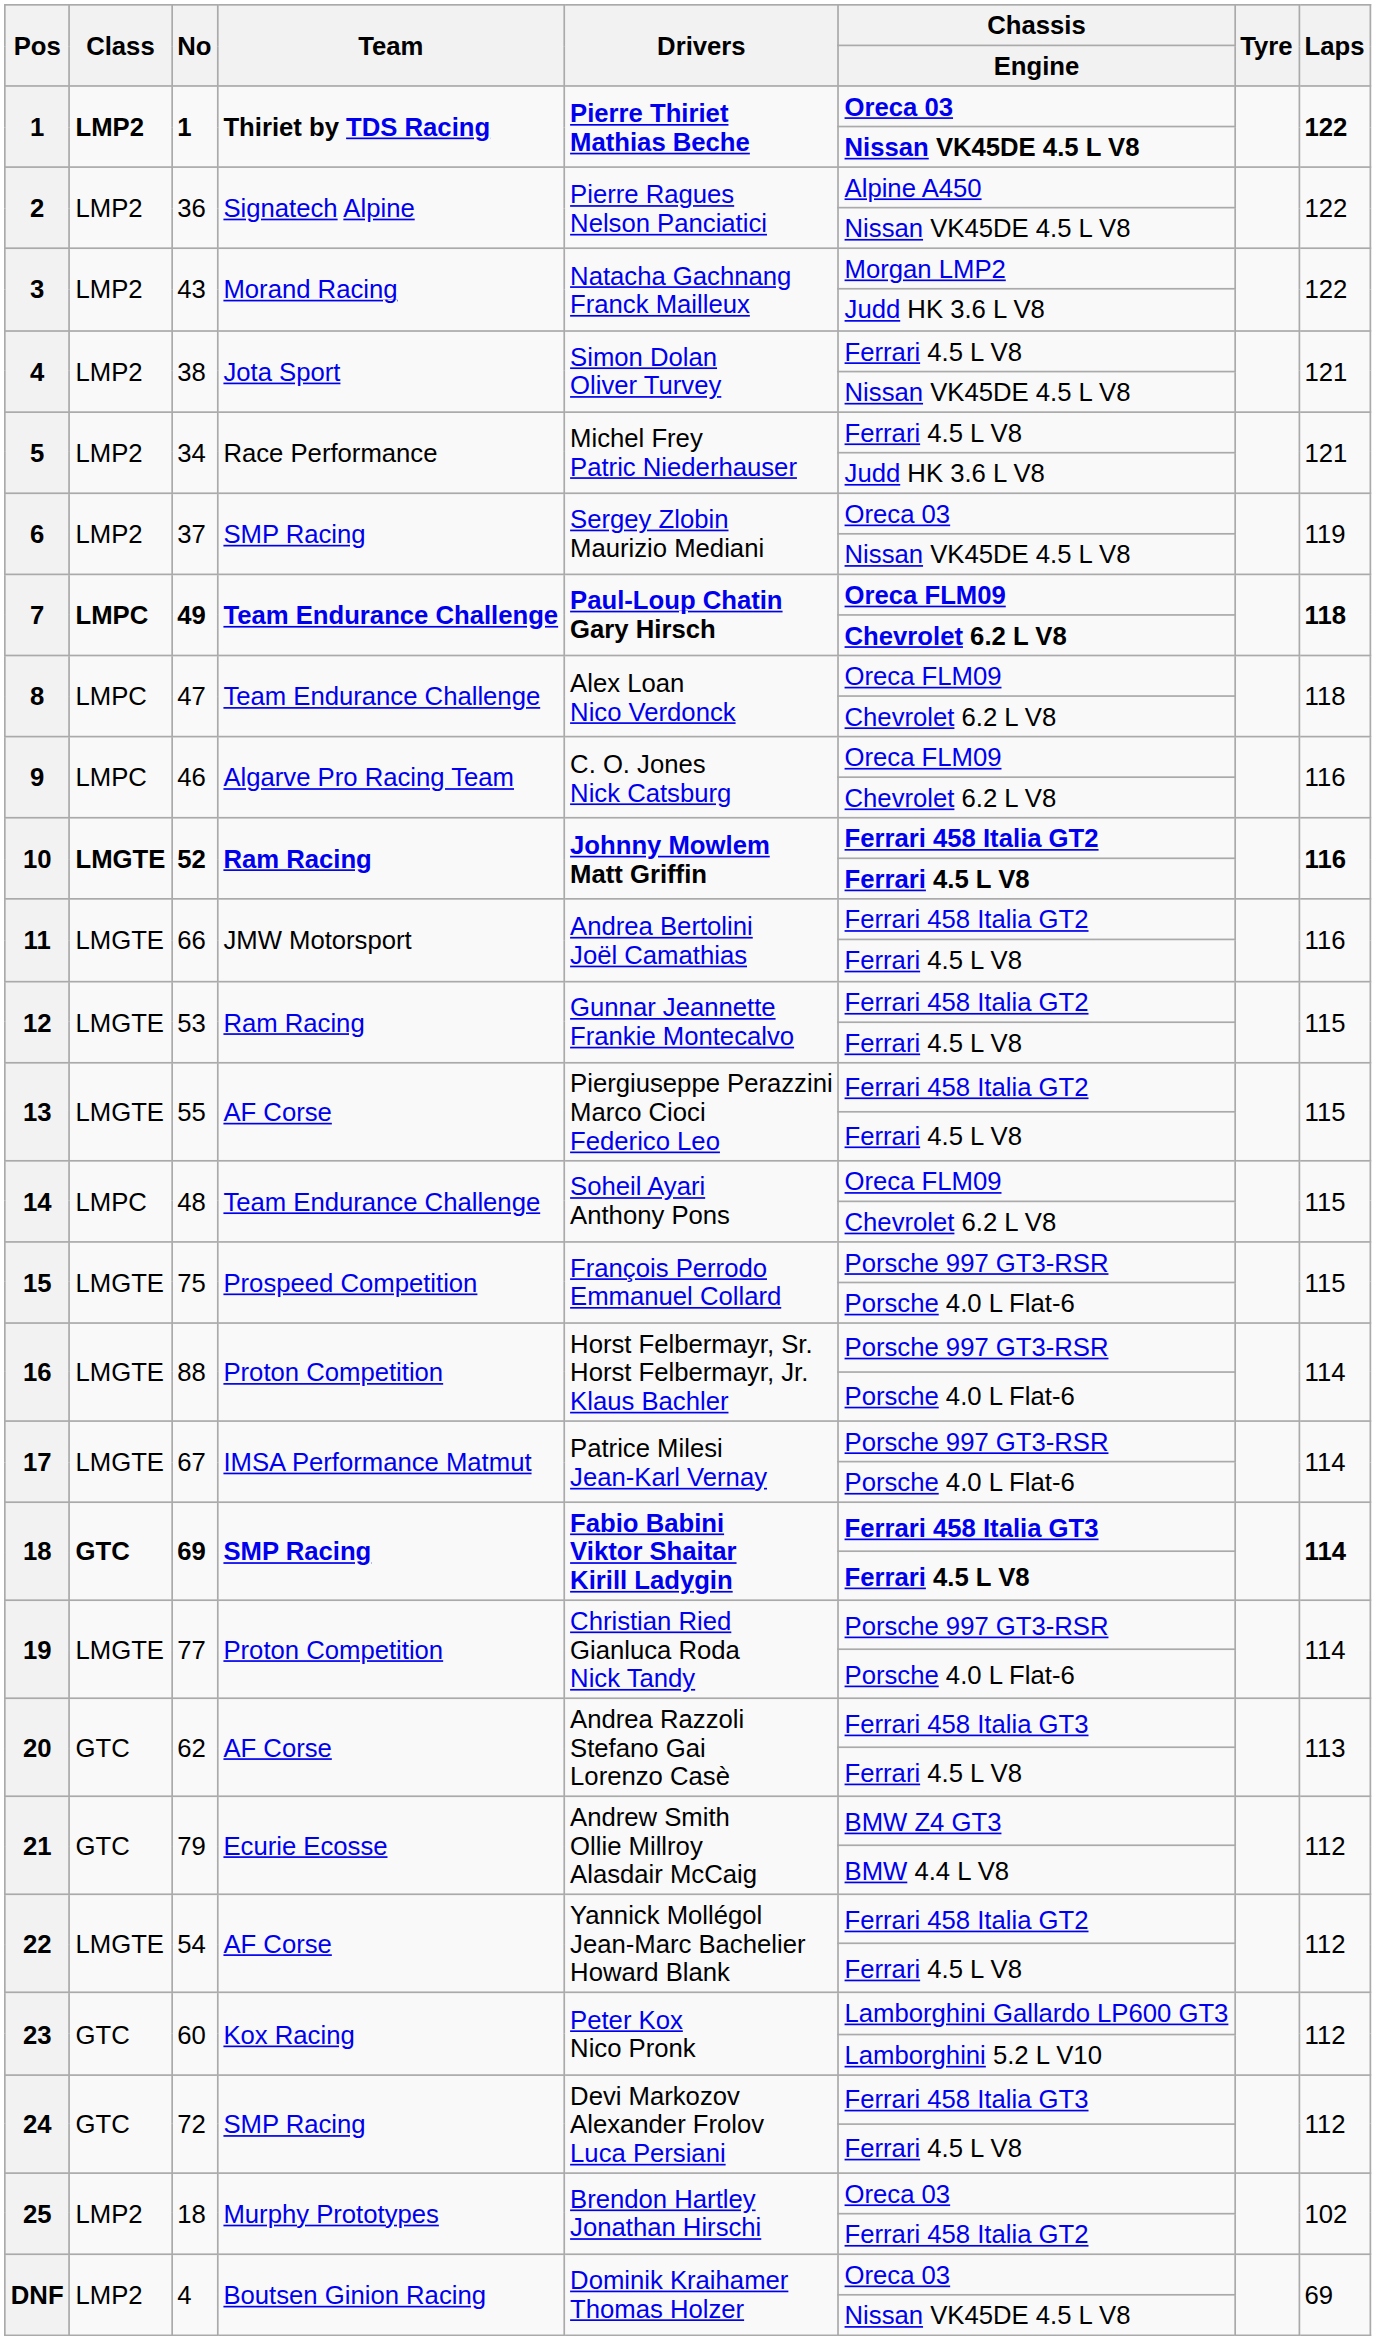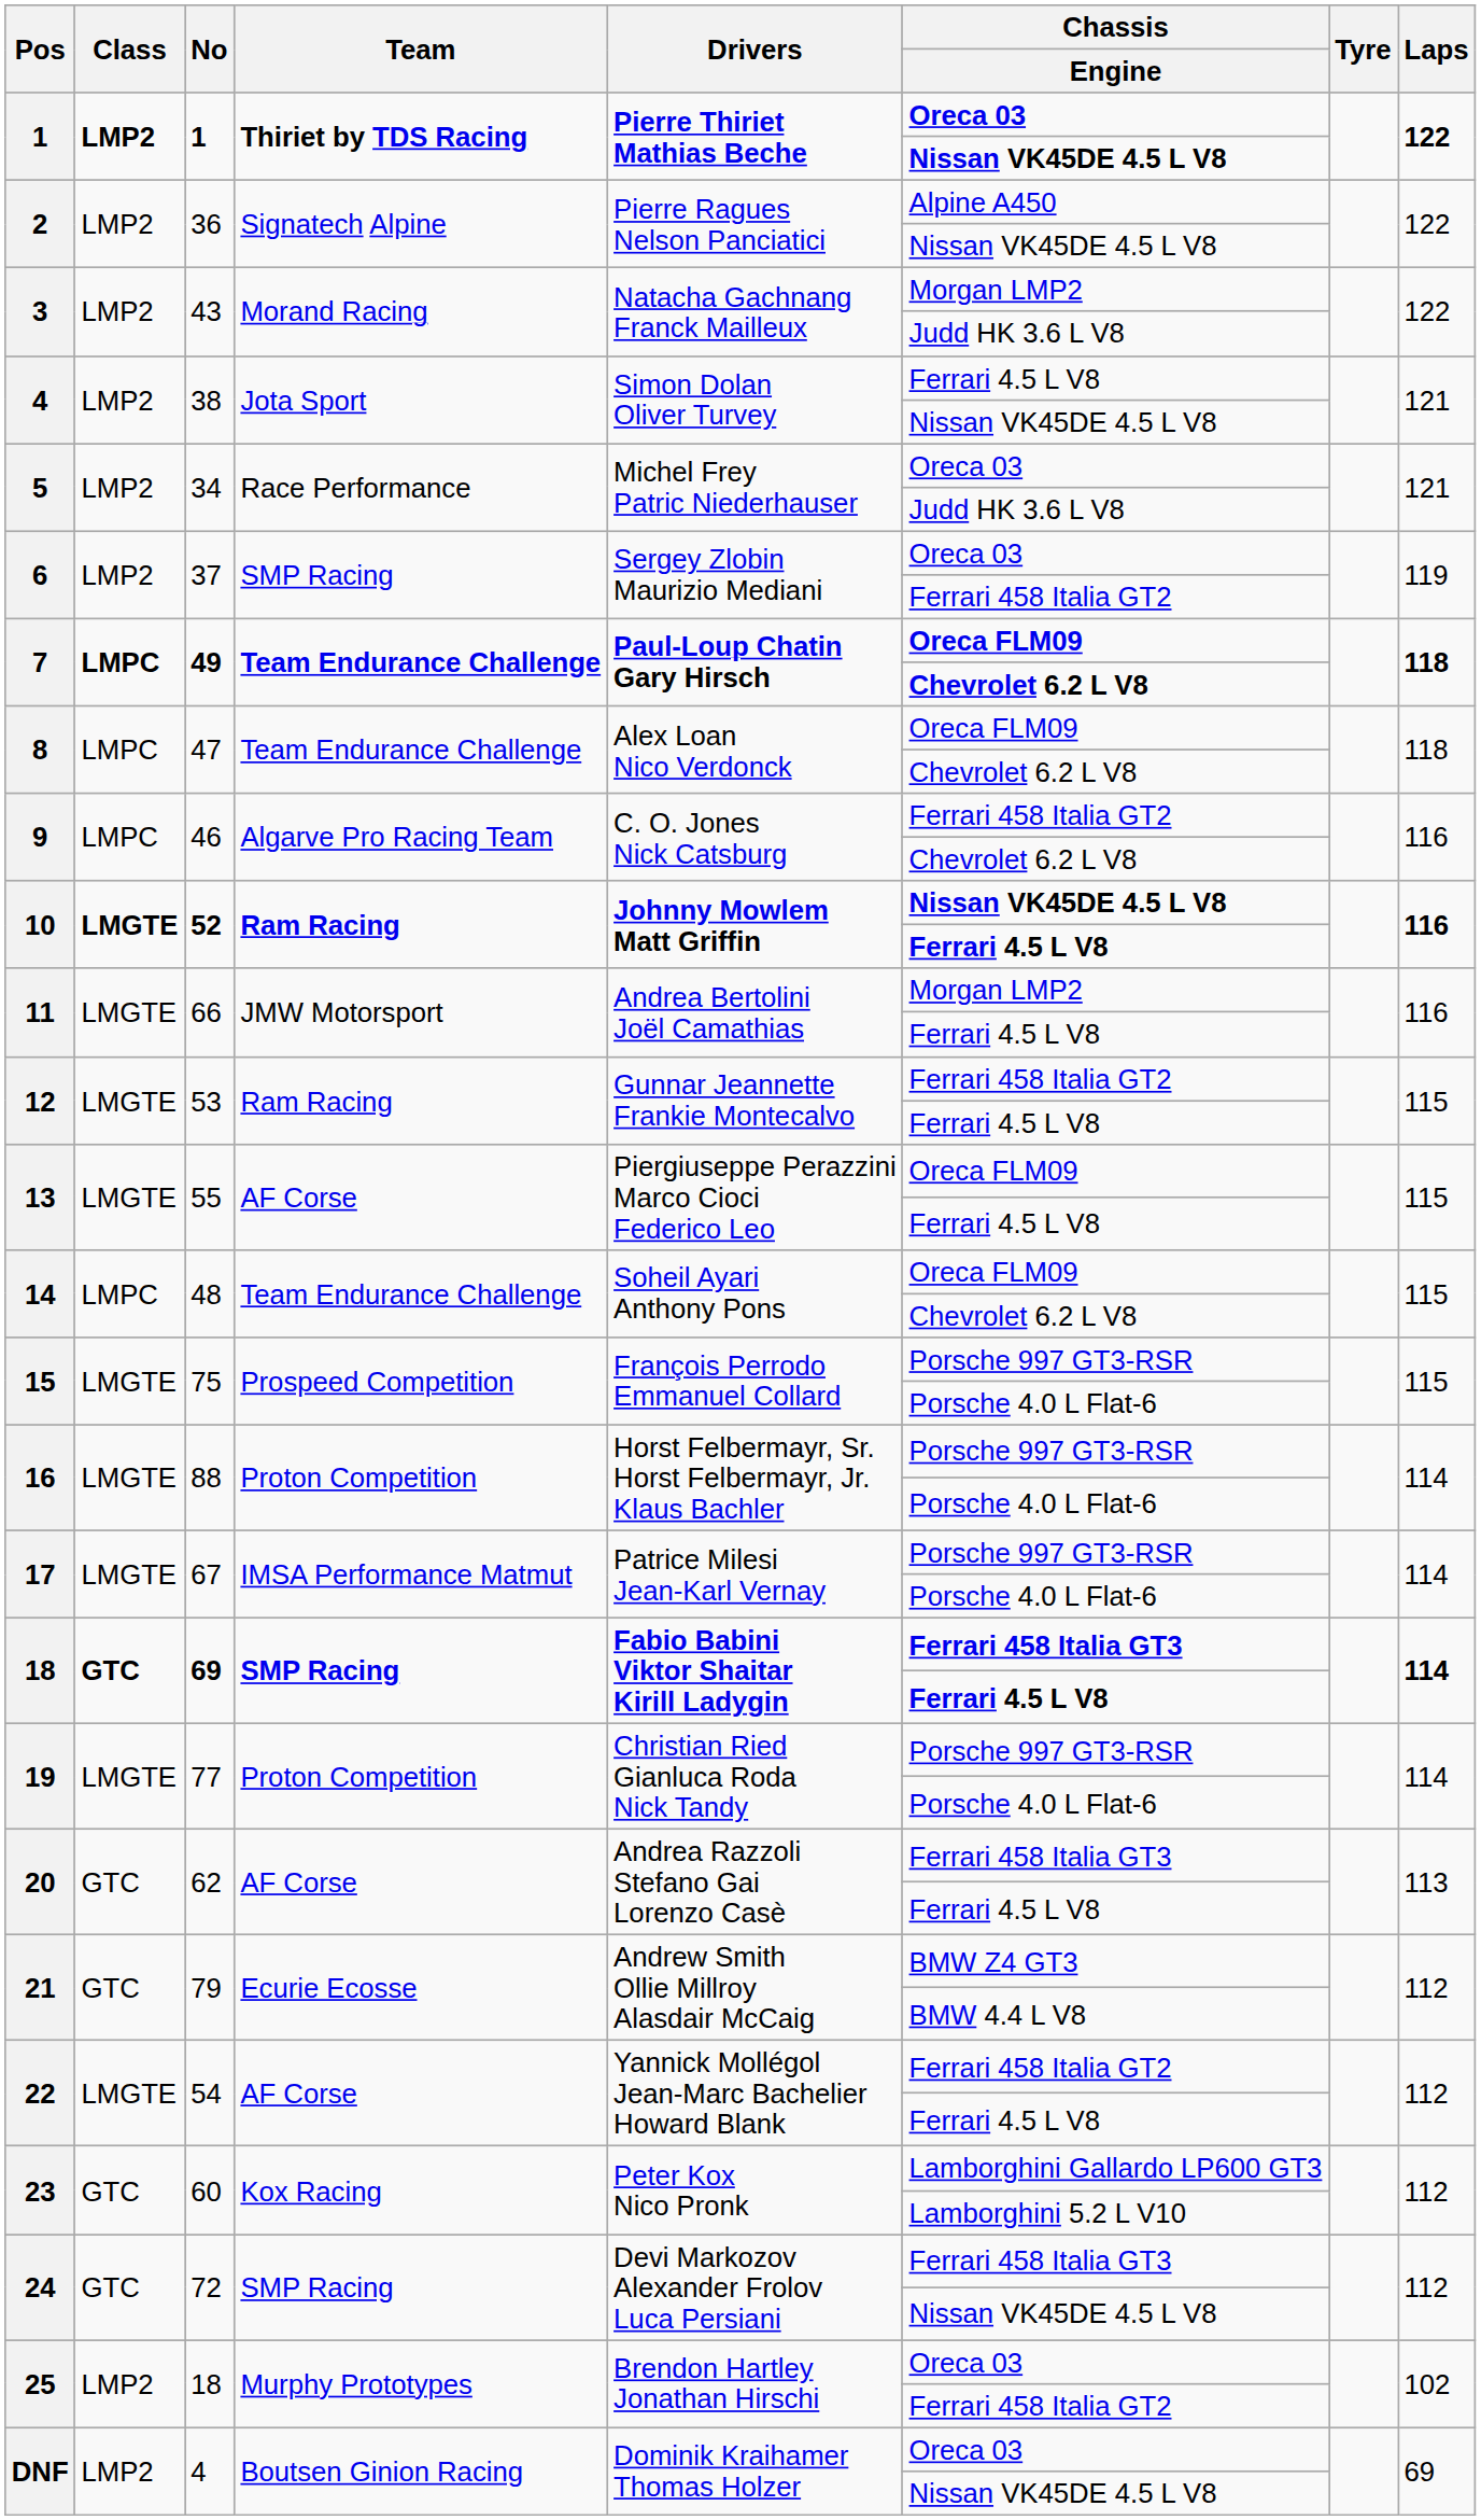 <table class="wikitable" style="font-size: 95%;">
 <tr>
 <th rowspan=2>Pos</th>
 <th rowspan=2>Class</th>
 <th rowspan=2>No</th>
 <th rowspan=2>Team</th>
 <th rowspan=2>Drivers</th>
 <th>Chassis</th>
 <th rowspan=2>Tyre</th>
 <th rowspan=2>Laps</th>
 </tr>
 <tr>
 <th>Engine</th>
 </tr>
 <tr style="font-weight:bold">
 <th rowspan=2>1</th>
 <td rowspan=2>LMP2</td>
 <td rowspan=2>1</td>
 <td rowspan=2> Thiriet by <a href='#'>TDS Racing</a></td>
 <td rowspan=2> <a href='#'>Pierre Thiriet</a><br> <a href='#'>Mathias Beche</a></td>
 <td><a href='#'>Oreca 03</a></td>
 <td rowspan=2></td>
 <td rowspan=2>122</td>
 </tr>
 <tr style="font-weight:bold">
 <td><a href='#'>Nissan</a> VK45DE 4.5 L V8</td>
 </tr>
 <tr>
 <th rowspan=2>2</th>
 <td rowspan=2>LMP2</td>
 <td rowspan=2>36</td>
 <td rowspan=2> <a href='#'>Signatech</a> <a href='#'>Alpine</a></td>
 <td rowspan=2> <a href='#'>Pierre Ragues</a><br> <a href='#'>Nelson Panciatici</a></td>
 <td><a href='#'>Alpine A450</a></td>
 <td rowspan=2></td>
 <td rowspan=2>122</td>
 </tr>
 <tr>
 <td><a href='#'>Nissan</a> VK45DE 4.5 L V8</td>
 </tr>
 <tr>
 <th rowspan=2>3</th>
 <td rowspan=2>LMP2</td>
 <td rowspan=2>43</td>
 <td rowspan=2> <a href='#'>Morand Racing</a></td>
 <td rowspan=2> <a href='#'>Natacha Gachnang</a><br> <a href='#'>Franck Mailleux</a></td>
 <td><a href='#'>Morgan LMP2</a></td>
 <td rowspan=2></td>
 <td rowspan=2>122</td>
 </tr>
 <tr>
 <td><a href='#'>Judd</a> HK 3.6 L V8</td>
 </tr>
 <tr>
 <th rowspan=2>4</th>
 <td rowspan=2>LMP2</td>
 <td rowspan=2>38</td>
 <td rowspan=2> <a href='#'>Jota Sport</a></td>
 <td rowspan=2> <a href='#'>Simon Dolan</a><br> <a href='#'>Oliver Turvey</a></td>
 <td><a href='#'>Ferrari</a> 4.5 L V8</td>
 <td rowspan=2></td>
 <td rowspan=2>121</td>
 </tr>
 <tr>
 <td><a href='#'>Nissan</a> VK45DE 4.5 L V8</td>
 </tr>
 <tr>
 <th rowspan=2>5</th>
 <td rowspan=2>LMP2</td>
 <td rowspan=2>34</td>
 <td rowspan=2> Race Performance</td>
 <td rowspan=2> Michel Frey<br> <a href='#'>Patric Niederhauser</a></td>
-<td><a href='#'>Ferrari</a> 4.5 L V8</td>
+<td><a href='#'>Oreca 03</a></td>
 <td rowspan=2></td>
 <td rowspan=2>121</td>
 </tr>
 <tr>
 <td><a href='#'>Judd</a> HK 3.6 L V8</td>
 </tr>
 <tr>
 <th rowspan=2>6</th>
 <td rowspan=2>LMP2</td>
 <td rowspan=2>37</td>
 <td rowspan=2> <a href='#'>SMP Racing</a></td>
 <td rowspan=2> <a href='#'>Sergey Zlobin</a><br> Maurizio Mediani</td>
 <td><a href='#'>Oreca 03</a></td>
 <td rowspan=2></td>
 <td rowspan=2>119</td>
 </tr>
 <tr>
-<td><a href='#'>Nissan</a> VK45DE 4.5 L V8</td>
+<td><a href='#'>Ferrari 458 Italia GT2</a></td>
 </tr>
 <tr style="font-weight:bold">
 <th rowspan=2>7</th>
 <td rowspan=2>LMPC</td>
 <td rowspan=2>49</td>
 <td rowspan=2> <a href='#'>Team Endurance Challenge</a></td>
 <td rowspan=2> <a href='#'>Paul-Loup Chatin</a><br> Gary Hirsch</td>
 <td><a href='#'>Oreca FLM09</a></td>
 <td rowspan=2></td>
 <td rowspan=2>118</td>
 </tr>
 <tr style="font-weight:bold">
 <td><a href='#'>Chevrolet</a> 6.2 L V8</td>
 </tr>
 <tr>
 <th rowspan=2>8</th>
 <td rowspan=2>LMPC</td>
 <td rowspan=2>47</td>
 <td rowspan=2> <a href='#'>Team Endurance Challenge</a></td>
 <td rowspan=2> Alex Loan<br> <a href='#'>Nico Verdonck</a></td>
 <td><a href='#'>Oreca FLM09</a></td>
 <td rowspan=2></td>
 <td rowspan=2>118</td>
 </tr>
 <tr>
 <td><a href='#'>Chevrolet</a> 6.2 L V8</td>
 </tr>
 <tr>
 <th rowspan=2>9</th>
 <td rowspan=2>LMPC</td>
 <td rowspan=2>46</td>
 <td rowspan=2> <a href='#'>Algarve Pro Racing Team</a></td>
 <td rowspan=2> C. O. Jones<br> <a href='#'>Nick Catsburg</a></td>
-<td><a href='#'>Oreca FLM09</a></td>
+<td><a href='#'>Ferrari 458 Italia GT2</a></td>
 <td rowspan=2></td>
 <td rowspan=2>116</td>
 </tr>
 <tr>
 <td><a href='#'>Chevrolet</a> 6.2 L V8</td>
 </tr>
 <tr style="font-weight:bold">
 <th rowspan=2>10</th>
 <td rowspan=2>LMGTE</td>
 <td rowspan=2>52</td>
 <td rowspan=2> <a href='#'>Ram Racing</a></td>
 <td rowspan=2> <a href='#'>Johnny Mowlem</a><br> Matt Griffin</td>
-<td><a href='#'>Ferrari 458 Italia GT2</a></td>
+<td><a href='#'>Nissan</a> VK45DE 4.5 L V8</td>
 <td rowspan=2></td>
 <td rowspan=2>116</td>
 </tr>
 <tr style="font-weight:bold">
 <td><a href='#'>Ferrari</a> 4.5 L V8</td>
 </tr>
 <tr>
 <th rowspan=2>11</th>
 <td rowspan=2>LMGTE</td>
 <td rowspan=2>66</td>
 <td rowspan=2> JMW Motorsport</td>
 <td rowspan=2> <a href='#'>Andrea Bertolini</a><br> <a href='#'>Joël Camathias</a></td>
-<td><a href='#'>Ferrari 458 Italia GT2</a></td>
+<td><a href='#'>Morgan LMP2</a></td>
 <td rowspan=2></td>
 <td rowspan=2>116</td>
 </tr>
 <tr>
 <td><a href='#'>Ferrari</a> 4.5 L V8</td>
 </tr>
 <tr>
 <th rowspan=2>12</th>
 <td rowspan=2>LMGTE</td>
 <td rowspan=2>53</td>
 <td rowspan=2> <a href='#'>Ram Racing</a></td>
 <td rowspan=2> <a href='#'>Gunnar Jeannette</a><br> <a href='#'>Frankie Montecalvo</a></td>
 <td><a href='#'>Ferrari 458 Italia GT2</a></td>
 <td rowspan=2></td>
 <td rowspan=2>115</td>
 </tr>
 <tr>
 <td><a href='#'>Ferrari</a> 4.5 L V8</td>
 </tr>
 <tr>
 <th rowspan=2>13</th>
 <td rowspan=2>LMGTE</td>
 <td rowspan=2>55</td>
 <td rowspan=2> <a href='#'>AF Corse</a></td>
 <td rowspan=2> Piergiuseppe Perazzini<br> Marco Cioci<br> <a href='#'>Federico Leo</a></td>
-<td><a href='#'>Ferrari 458 Italia GT2</a></td>
+<td><a href='#'>Oreca FLM09</a></td>
 <td rowspan=2></td>
 <td rowspan=2>115</td>
 </tr>
 <tr>
 <td><a href='#'>Ferrari</a> 4.5 L V8</td>
 </tr>
 <tr>
 <th rowspan=2>14</th>
 <td rowspan=2>LMPC</td>
 <td rowspan=2>48</td>
 <td rowspan=2> <a href='#'>Team Endurance Challenge</a></td>
 <td rowspan=2> <a href='#'>Soheil Ayari</a><br> Anthony Pons</td>
 <td><a href='#'>Oreca FLM09</a></td>
 <td rowspan=2></td>
 <td rowspan=2>115</td>
 </tr>
 <tr>
 <td><a href='#'>Chevrolet</a> 6.2 L V8</td>
 </tr>
 <tr>
 <th rowspan=2>15</th>
 <td rowspan=2>LMGTE</td>
 <td rowspan=2>75</td>
 <td rowspan=2> <a href='#'>Prospeed Competition</a></td>
 <td rowspan=2> <a href='#'>François Perrodo</a><br> <a href='#'>Emmanuel Collard</a></td>
 <td><a href='#'>Porsche 997 GT3-RSR</a></td>
 <td rowspan=2></td>
 <td rowspan=2>115</td>
 </tr>
 <tr>
 <td><a href='#'>Porsche</a> 4.0 L Flat-6</td>
 </tr>
 <tr>
 <th rowspan=2>16</th>
 <td rowspan=2>LMGTE</td>
 <td rowspan=2>88</td>
 <td rowspan=2> <a href='#'>Proton Competition</a></td>
 <td rowspan=2> Horst Felbermayr, Sr.<br> Horst Felbermayr, Jr.<br> <a href='#'>Klaus Bachler</a></td>
 <td><a href='#'>Porsche 997 GT3-RSR</a></td>
 <td rowspan=2></td>
 <td rowspan=2>114</td>
 </tr>
 <tr>
 <td><a href='#'>Porsche</a> 4.0 L Flat-6</td>
 </tr>
 <tr>
 <th rowspan=2>17</th>
 <td rowspan=2>LMGTE</td>
 <td rowspan=2>67</td>
 <td rowspan=2> <a href='#'>IMSA Performance Matmut</a></td>
 <td rowspan=2> Patrice Milesi<br> <a href='#'>Jean-Karl Vernay</a></td>
 <td><a href='#'>Porsche 997 GT3-RSR</a></td>
 <td rowspan=2></td>
 <td rowspan=2>114</td>
 </tr>
 <tr>
 <td><a href='#'>Porsche</a> 4.0 L Flat-6</td>
 </tr>
 <tr style="font-weight:bold">
 <th rowspan=2>18</th>
 <td rowspan=2>GTC</td>
 <td rowspan=2>69</td>
 <td rowspan=2> <a href='#'>SMP Racing</a></td>
 <td rowspan=2> <a href='#'>Fabio Babini</a><br> <a href='#'>Viktor Shaitar</a><br> <a href='#'>Kirill Ladygin</a></td>
 <td><a href='#'>Ferrari 458 Italia GT3</a></td>
 <td rowspan=2></td>
 <td rowspan=2>114</td>
 </tr>
 <tr style="font-weight:bold">
 <td><a href='#'>Ferrari</a> 4.5 L V8</td>
 </tr>
 <tr>
 <th rowspan=2>19</th>
 <td rowspan=2>LMGTE</td>
 <td rowspan=2>77</td>
 <td rowspan=2> <a href='#'>Proton Competition</a></td>
 <td rowspan=2> <a href='#'>Christian Ried</a><br> Gianluca Roda<br> <a href='#'>Nick Tandy</a></td>
 <td><a href='#'>Porsche 997 GT3-RSR</a></td>
 <td rowspan=2></td>
 <td rowspan=2>114</td>
 </tr>
 <tr>
 <td><a href='#'>Porsche</a> 4.0 L Flat-6</td>
 </tr>
 <tr>
 <th rowspan=2>20</th>
 <td rowspan=2>GTC</td>
 <td rowspan=2>62</td>
 <td rowspan=2> <a href='#'>AF Corse</a></td>
 <td rowspan=2> Andrea Razzoli<br> Stefano Gai<br> Lorenzo Casè</td>
 <td><a href='#'>Ferrari 458 Italia GT3</a></td>
 <td rowspan=2></td>
 <td rowspan=2>113</td>
 </tr>
 <tr>
 <td><a href='#'>Ferrari</a> 4.5 L V8</td>
 </tr>
 <tr>
 <th rowspan=2>21</th>
 <td rowspan=2>GTC</td>
 <td rowspan=2>79</td>
 <td rowspan=2> <a href='#'>Ecurie Ecosse</a></td>
 <td rowspan=2> Andrew Smith<br> Ollie Millroy<br> Alasdair McCaig</td>
 <td><a href='#'>BMW Z4 GT3</a></td>
 <td rowspan=2></td>
 <td rowspan=2>112</td>
 </tr>
 <tr>
 <td><a href='#'>BMW</a> 4.4 L V8</td>
 </tr>
 <tr>
 <th rowspan=2>22</th>
 <td rowspan=2>LMGTE</td>
 <td rowspan=2>54</td>
 <td rowspan=2> <a href='#'>AF Corse</a></td>
 <td rowspan=2> Yannick Mollégol<br> Jean-Marc Bachelier<br> Howard Blank</td>
 <td><a href='#'>Ferrari 458 Italia GT2</a></td>
 <td rowspan=2></td>
 <td rowspan=2>112</td>
 </tr>
 <tr>
 <td><a href='#'>Ferrari</a> 4.5 L V8</td>
 </tr>
 <tr>
 <th rowspan=2>23</th>
 <td rowspan=2>GTC</td>
 <td rowspan=2>60</td>
 <td rowspan=2> <a href='#'>Kox Racing</a></td>
 <td rowspan=2> <a href='#'>Peter Kox</a><br> Nico Pronk</td>
 <td><a href='#'>Lamborghini Gallardo LP600 GT3</a></td>
 <td rowspan=2></td>
 <td rowspan=2>112</td>
 </tr>
 <tr>
 <td><a href='#'>Lamborghini</a> 5.2 L V10</td>
 </tr>
 <tr>
 <th rowspan=2>24</th>
 <td rowspan=2>GTC</td>
 <td rowspan=2>72</td>
 <td rowspan=2> <a href='#'>SMP Racing</a></td>
 <td rowspan=2> Devi Markozov<br> Alexander Frolov<br> <a href='#'>Luca Persiani</a></td>
 <td><a href='#'>Ferrari 458 Italia GT3</a></td>
 <td rowspan=2></td>
 <td rowspan=2>112</td>
 </tr>
 <tr>
-<td><a href='#'>Ferrari</a> 4.5 L V8</td>
+<td><a href='#'>Nissan</a> VK45DE 4.5 L V8</td>
 </tr>
 <tr>
 <th rowspan=2>25</th>
 <td rowspan=2>LMP2</td>
 <td rowspan=2>18</td>
 <td rowspan=2> <a href='#'>Murphy Prototypes</a></td>
 <td rowspan=2> <a href='#'>Brendon Hartley</a><br> <a href='#'>Jonathan Hirschi</a></td>
 <td><a href='#'>Oreca 03</a></td>
 <td rowspan=2></td>
 <td rowspan=2>102</td>
 </tr>
 <tr>
 <td><a href='#'>Ferrari 458 Italia GT2</a></td>
 </tr>
 <tr>
 <th rowspan=2>DNF</th>
 <td rowspan=2>LMP2</td>
 <td rowspan=2>4</td>
 <td rowspan=2> <a href='#'>Boutsen Ginion Racing</a></td>
 <td rowspan=2> <a href='#'>Dominik Kraihamer</a><br> <a href='#'>Thomas Holzer</a></td>
 <td><a href='#'>Oreca 03</a></td>
 <td rowspan=2></td>
 <td rowspan=2>69</td>
 </tr>
 <tr>
 <td><a href='#'>Nissan</a> VK45DE 4.5 L V8</td>
 </tr>
 </table>
